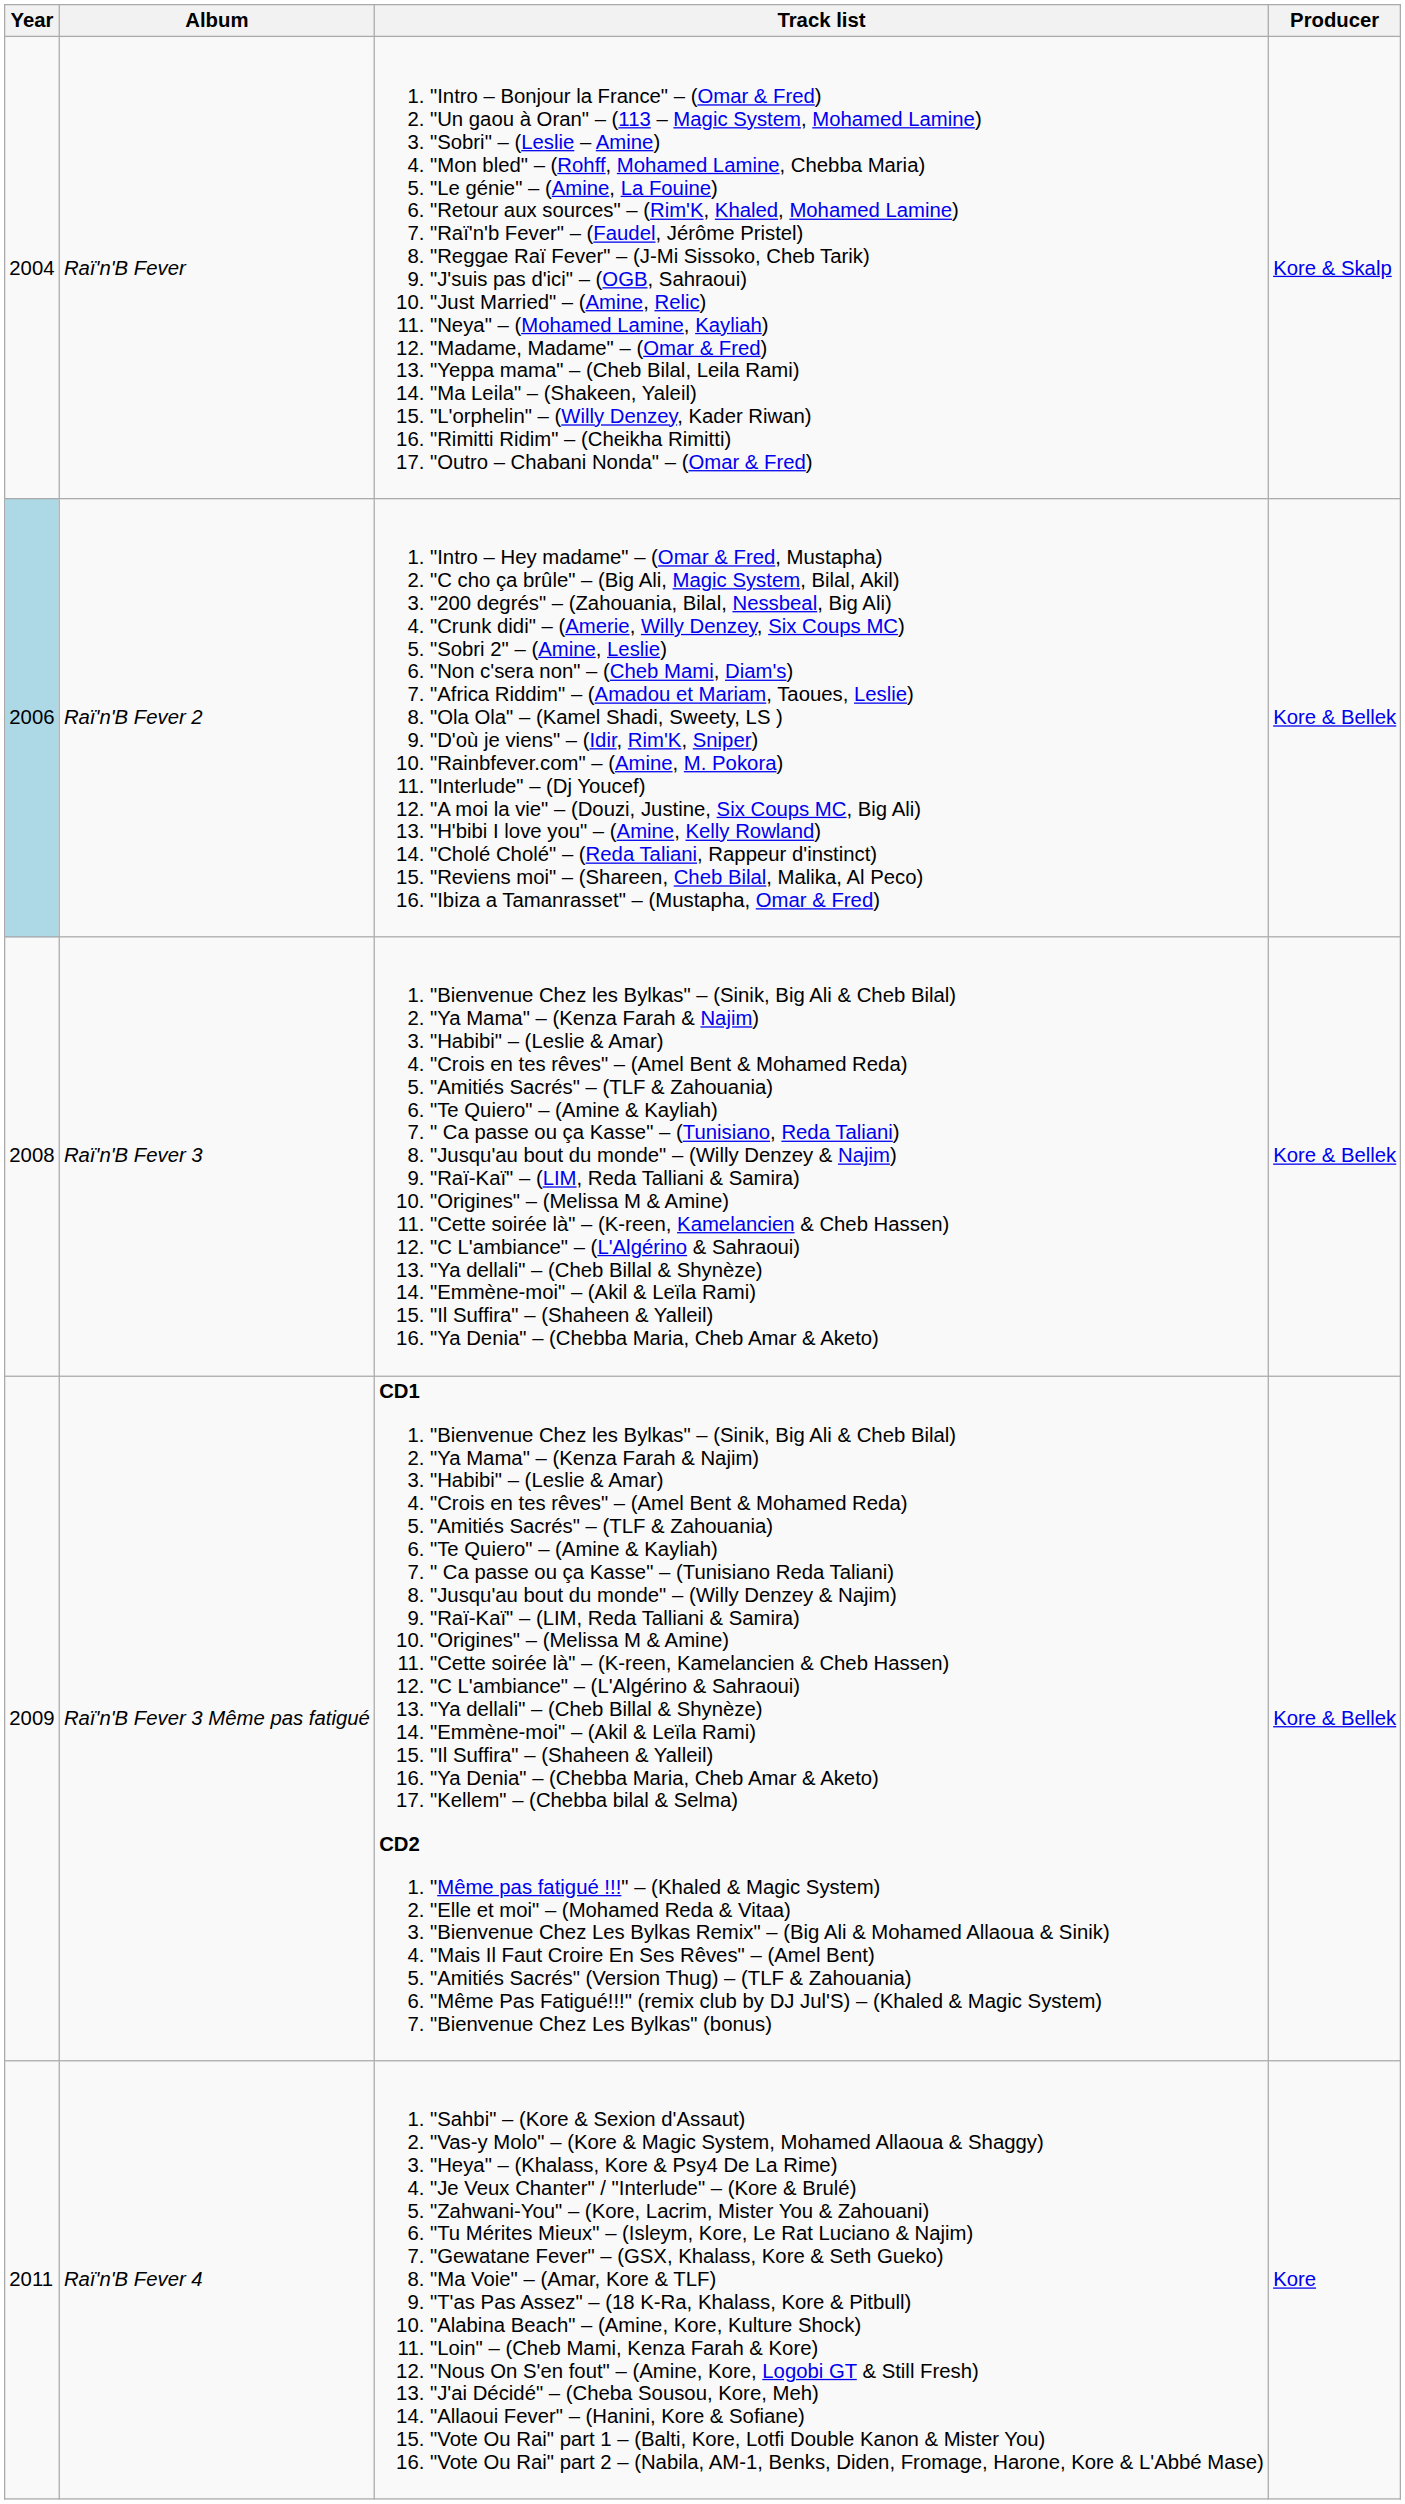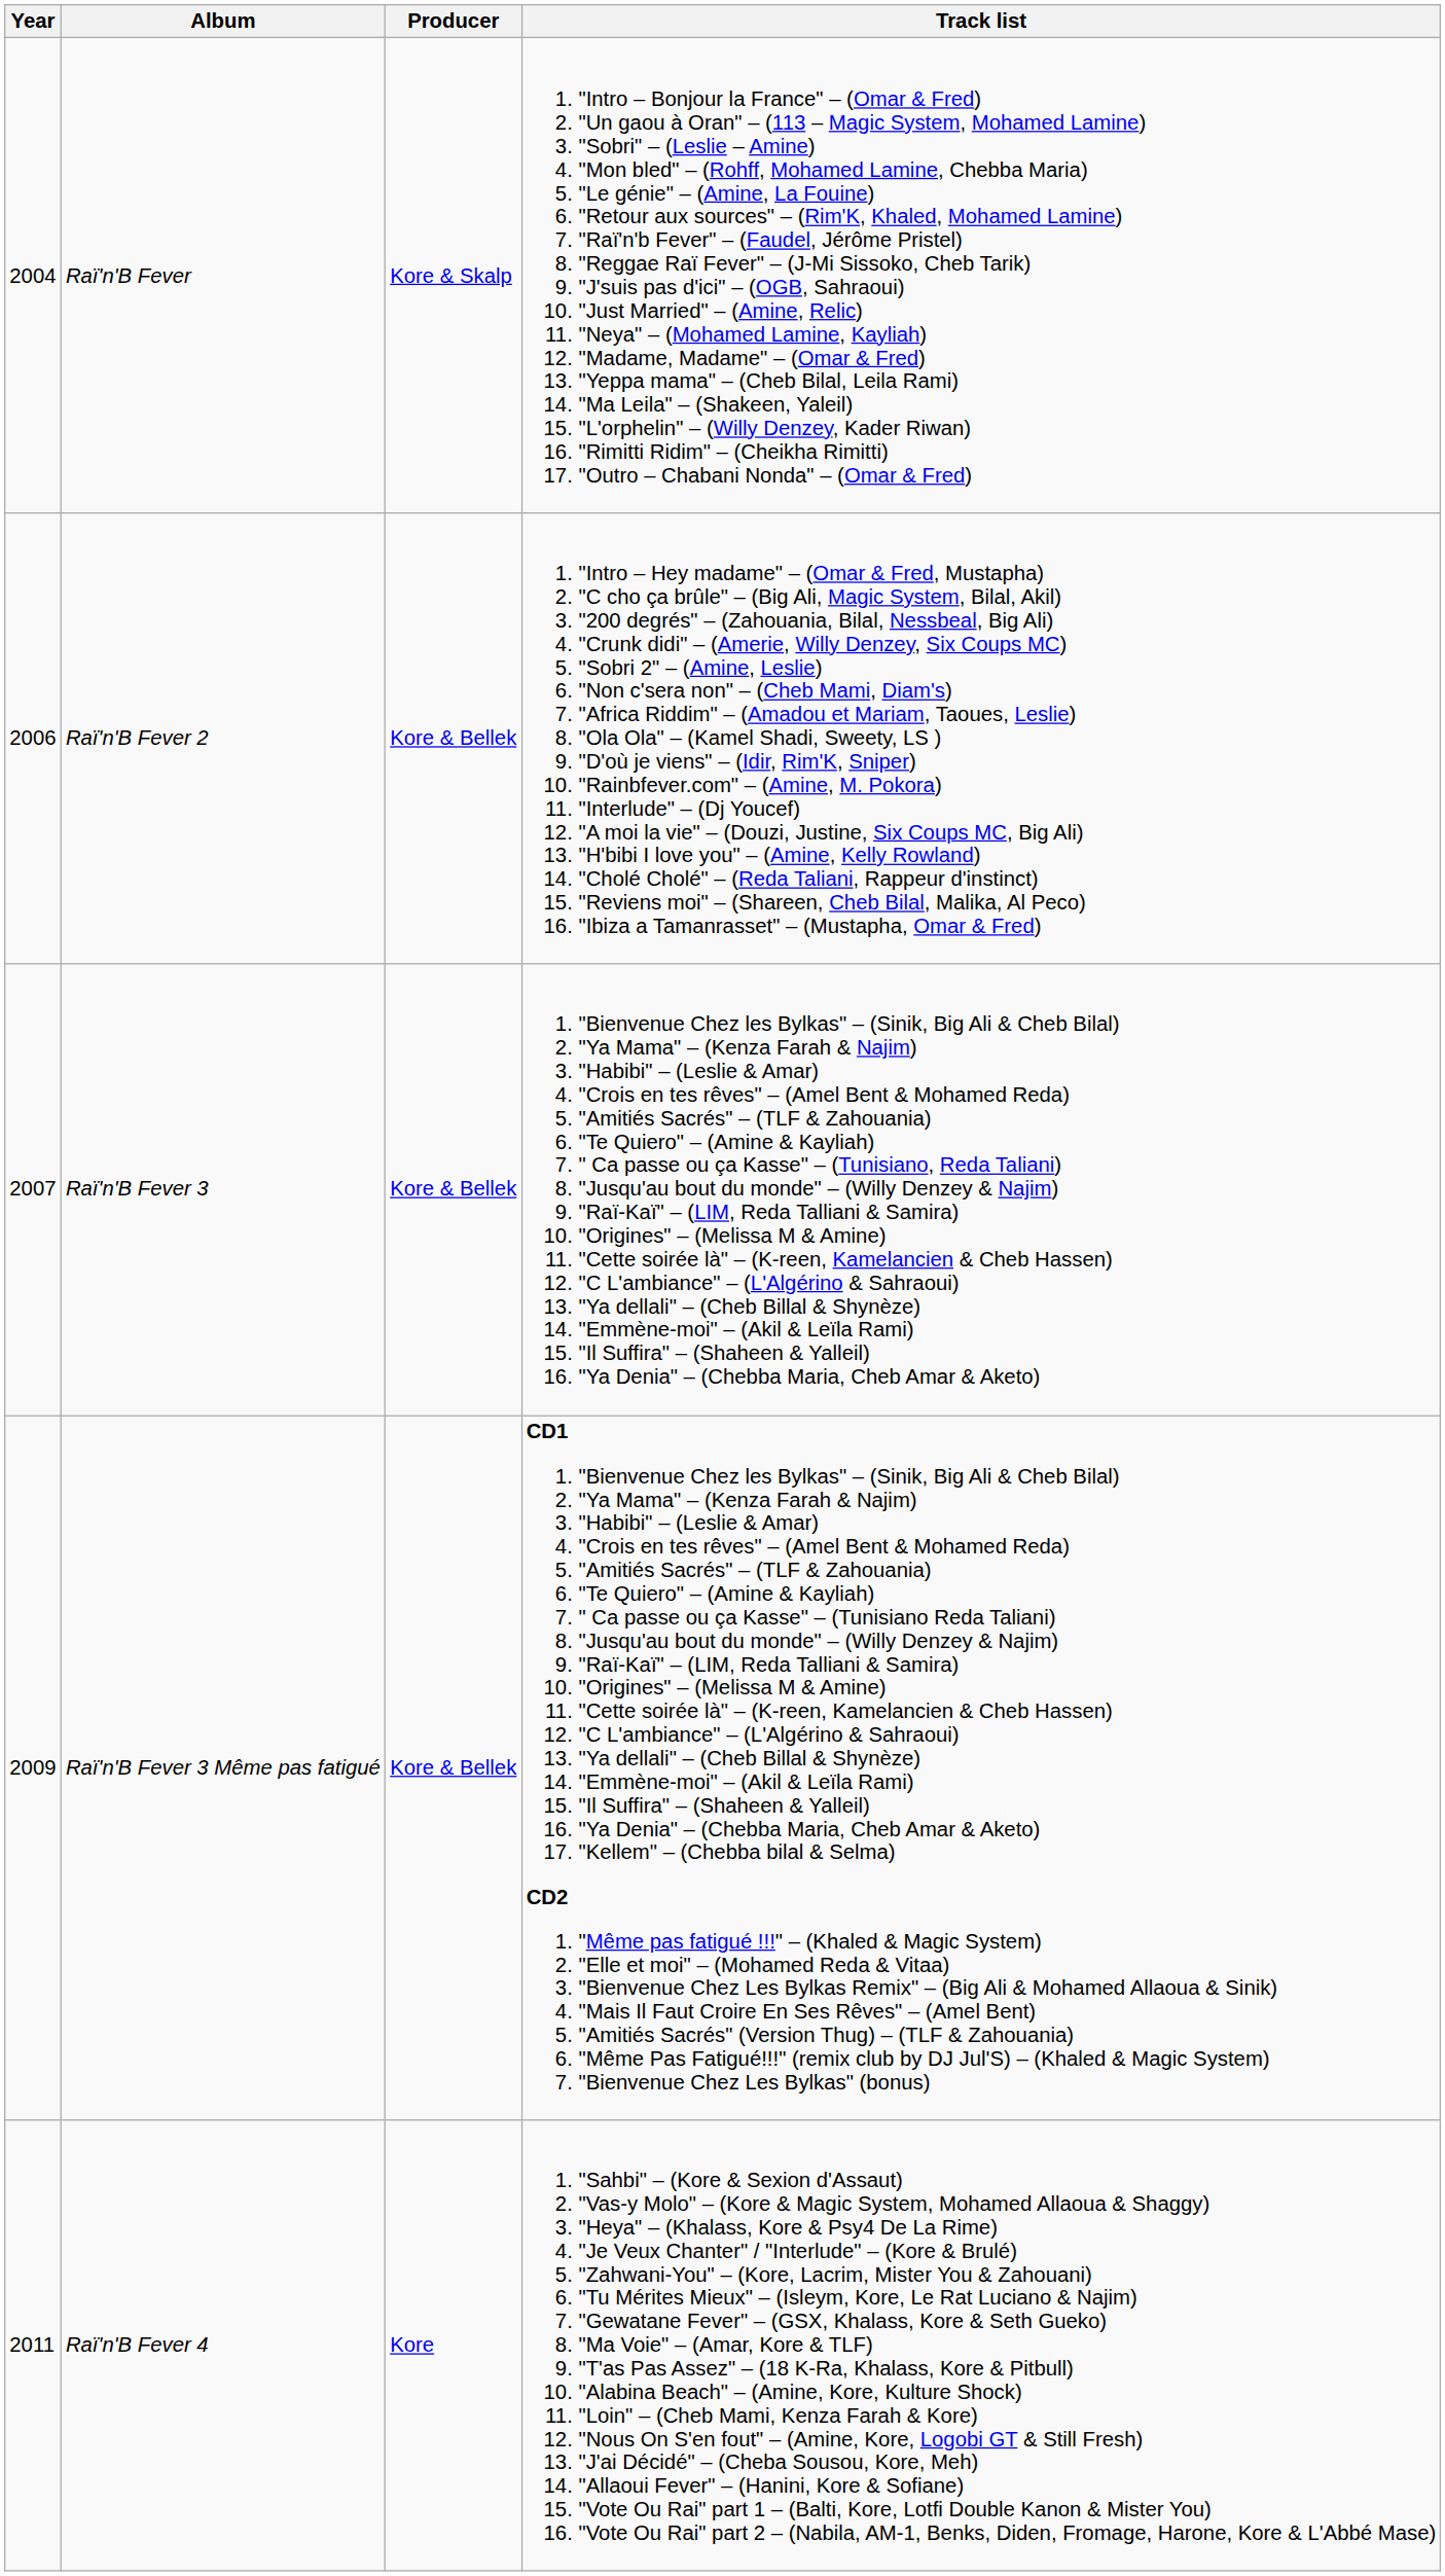 <table class="wikitable">
 <tr>
 <th>Year</th>
 <th>Album</th>
+<th>Producer</th>
 <th>Track list</th>
-<th>Producer</th>
 </tr>
 <tr>
 <td>2004</td>
 <td><em>Raï'n'B Fever</em></td>
+<td><a href='#'>Kore & Skalp</a></td>
 <td><br><ol><li>"Intro – Bonjour la France" – (<a href='#'>Omar & Fred</a>)</li><li>"Un gaou à Oran" – (<a href='#'>113</a> – <a href='#'>Magic System</a>, <a href='#'>Mohamed Lamine</a>)</li><li>"Sobri" – (<a href='#'>Leslie</a> – <a href='#'>Amine</a>)</li><li>"Mon bled" – (<a href='#'>Rohff</a>, <a href='#'>Mohamed Lamine</a>, Chebba Maria)</li><li>"Le génie" – (<a href='#'>Amine</a>, <a href='#'>La Fouine</a>)</li><li>"Retour aux sources" – (<a href='#'>Rim'K</a>, <a href='#'>Khaled</a>, <a href='#'>Mohamed Lamine</a>)</li><li>"Raï'n'b Fever" – (<a href='#'>Faudel</a>, Jérôme Pristel)</li><li>"Reggae Raï Fever" – (J-Mi Sissoko, Cheb Tarik)</li><li>"J'suis pas d'ici" – (<a href='#'>OGB</a>, Sahraoui)</li><li>"Just Married" – (<a href='#'>Amine</a>, <a href='#'>Relic</a>)</li><li>"Neya" – (<a href='#'>Mohamed Lamine</a>, <a href='#'>Kayliah</a>)</li><li>"Madame, Madame" – (<a href='#'>Omar & Fred</a>)</li><li>"Yeppa mama" – (Cheb Bilal, Leila Rami)</li><li>"Ma Leila" – (Shakeen, Yaleil)</li><li>"L'orphelin" – (<a href='#'>Willy Denzey</a>, Kader Riwan)</li><li>"Rimitti Ridim" – (Cheikha Rimitti)</li><li>"Outro – Chabani Nonda" – (<a href='#'>Omar & Fred</a>)</li></ol></td>
-<td><a href='#'>Kore & Skalp</a></td>
 </tr>
 <tr>
-<td style="background: lightblue;">2006</td>
+<td>2006</td>
 <td><em>Raï'n'B Fever 2</em></td>
+<td><a href='#'>Kore & Bellek</a></td>
 <td><br><ol><li>"Intro – Hey madame" – (<a href='#'>Omar & Fred</a>, Mustapha)</li><li>"C cho ça brûle" – (Big Ali, <a href='#'>Magic System</a>, Bilal, Akil)</li><li>"200 degrés" – (Zahouania, Bilal, <a href='#'>Nessbeal</a>, Big Ali)</li><li>"Crunk didi" – (<a href='#'>Amerie</a>, <a href='#'>Willy Denzey</a>, <a href='#'>Six Coups MC</a>)</li><li>"Sobri 2" – (<a href='#'>Amine</a>, <a href='#'>Leslie</a>)</li><li>"Non c'sera non" – (<a href='#'>Cheb Mami</a>, <a href='#'>Diam's</a>)</li><li>"Africa Riddim" – (<a href='#'>Amadou et Mariam</a>, Taoues, <a href='#'>Leslie</a>)</li><li>"Ola Ola" – (Kamel Shadi, Sweety, LS )</li><li>"D'où je viens" – (<a href='#'>Idir</a>, <a href='#'>Rim'K</a>, <a href='#'>Sniper</a>)</li><li>"Rainbfever.com" – (<a href='#'>Amine</a>, <a href='#'>M. Pokora</a>)</li><li>"Interlude" – (Dj Youcef)</li><li>"A moi la vie" – (Douzi, Justine, <a href='#'>Six Coups MC</a>, Big Ali)</li><li>"H'bibi I love you" – (<a href='#'>Amine</a>, <a href='#'>Kelly Rowland</a>)</li><li>"Cholé Cholé" – (<a href='#'>Reda Taliani</a>, Rappeur d'instinct)</li><li>"Reviens moi" –  (Shareen, <a href='#'>Cheb Bilal</a>, Malika, Al Peco)</li><li>"Ibiza a Tamanrasset" – (Mustapha, <a href='#'>Omar & Fred</a>)</li></ol></td>
-<td><a href='#'>Kore & Bellek</a></td>
 </tr>
 <tr>
-<td>2008</td>
+<td>2007</td>
 <td><em>Raï'n'B Fever 3</em></td>
+<td><a href='#'>Kore & Bellek</a></td>
 <td><br><ol><li>"Bienvenue Chez les Bylkas" – (Sinik, Big Ali & Cheb Bilal)</li><li>"Ya Mama" – (Kenza Farah & <a href='#'>Najim</a>)</li><li>"Habibi" – (Leslie & Amar)</li><li>"Crois en tes rêves" – (Amel Bent & Mohamed Reda)</li><li>"Amitiés Sacrés" – (TLF & Zahouania)</li><li>"Te Quiero" – (Amine & Kayliah)</li><li>" Ca passe ou ça Kasse" – (<a href='#'>Tunisiano</a>, <a href='#'>Reda Taliani</a>)</li><li>"Jusqu'au bout du monde" – (Willy Denzey & <a href='#'>Najim</a>)</li><li>"Raï-Kaï" – (<a href='#'>LIM</a>, Reda Talliani & Samira)</li><li>"Origines" – (Melissa M & Amine)</li><li>"Cette soirée là" – (K-reen, <a href='#'>Kamelancien</a> & Cheb Hassen)</li><li>"C L'ambiance" – (<a href='#'>L'Algérino</a> & Sahraoui)</li><li>"Ya dellali" – (Cheb Billal & Shynèze)</li><li>"Emmène-moi" – (Akil & Leïla Rami)</li><li>"Il Suffira" – (Shaheen & Yalleil)</li><li>"Ya Denia" – (Chebba Maria, Cheb Amar & Aketo)</li></ol></td>
-<td><a href='#'>Kore & Bellek</a></td>
 </tr>
 <tr>
 <td>2009</td>
 <td><em>Raï'n'B Fever 3 Même pas fatigué</em></td>
+<td><a href='#'>Kore & Bellek</a></td>
 <td><strong>CD1</strong><br><ol><li>"Bienvenue Chez les Bylkas" – (Sinik, Big Ali & Cheb Bilal)</li><li>"Ya Mama" – (Kenza Farah & Najim)</li><li>"Habibi" – (Leslie & Amar)</li><li>"Crois en tes rêves" – (Amel Bent & Mohamed Reda)</li><li>"Amitiés Sacrés" – (TLF & Zahouania)</li><li>"Te Quiero" – (Amine & Kayliah)</li><li>" Ca passe ou ça Kasse" – (Tunisiano Reda Taliani)</li><li>"Jusqu'au bout du monde" – (Willy Denzey & Najim)</li><li>"Raï-Kaï" – (LIM, Reda Talliani & Samira)</li><li>"Origines" – (Melissa M & Amine)</li><li>"Cette soirée là" – (K-reen, Kamelancien & Cheb Hassen)</li><li>"C L'ambiance" – (L'Algérino & Sahraoui)</li><li>"Ya dellali" – (Cheb Billal & Shynèze)</li><li>"Emmène-moi" – (Akil & Leïla Rami)</li><li>"Il Suffira" – (Shaheen & Yalleil)</li><li>"Ya Denia" – (Chebba Maria, Cheb Amar & Aketo)</li><li>"Kellem" – (Chebba bilal & Selma)</li></ol><strong>CD2</strong><ol><li>"<a href='#'>Même pas fatigué !!!</a>" – (Khaled & Magic System)</li><li>"Elle et moi" – (Mohamed Reda & Vitaa)</li><li>"Bienvenue Chez Les Bylkas Remix" – (Big Ali & Mohamed Allaoua & Sinik)</li><li>"Mais Il Faut Croire En Ses Rêves" – (Amel Bent)</li><li>"Amitiés Sacrés" (Version Thug) – (TLF & Zahouania)</li><li>"Même Pas Fatigué!!!" (remix club by DJ Jul'S) – (Khaled & Magic System)</li><li>"Bienvenue Chez Les Bylkas" (bonus)</li></ol></td>
-<td><a href='#'>Kore & Bellek</a></td>
 </tr>
 <tr>
 <td>2011</td>
 <td><em>Raï'n'B Fever 4</em></td>
+<td><a href='#'>Kore</a></td>
 <td><br><ol><li>"Sahbi" – (Kore & Sexion d'Assaut)</li><li>"Vas-y Molo" – (Kore & Magic System, Mohamed Allaoua & Shaggy)</li><li>"Heya" – (Khalass, Kore & Psy4 De La Rime)</li><li>"Je Veux Chanter" / "Interlude" – (Kore & Brulé)</li><li>"Zahwani-You" – (Kore, Lacrim, Mister You & Zahouani)</li><li>"Tu Mérites Mieux" – (Isleym, Kore, Le Rat Luciano & Najim)</li><li>"Gewatane Fever" – (GSX, Khalass, Kore & Seth Gueko)</li><li>"Ma Voie" – (Amar, Kore & TLF)</li><li>"T'as Pas Assez" – (18 K-Ra, Khalass, Kore & Pitbull)</li><li>"Alabina Beach" – (Amine, Kore, Kulture Shock)</li><li>"Loin" – (Cheb Mami, Kenza Farah & Kore)</li><li>"Nous On S'en fout" – (Amine, Kore, <a href='#'>Logobi GT</a> & Still Fresh)</li><li>"J'ai Décidé" – (Cheba Sousou, Kore, Meh)</li><li>"Allaoui Fever" – (Hanini, Kore & Sofiane)</li><li>"Vote Ou Rai" part 1 – (Balti, Kore, Lotfi Double Kanon & Mister You)</li><li>"Vote Ou Rai" part 2 – (Nabila, AM-1, Benks, Diden, Fromage, Harone, Kore & L'Abbé Mase)</li></ol></td>
-<td><a href='#'>Kore</a></td>
 </tr>
 </table>
